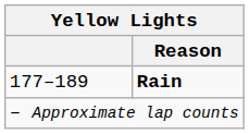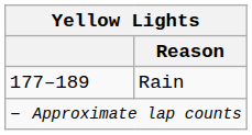 <table class="wikitable">
 <tr>
 <th colspan=2>Yellow Lights</th>
 </tr>
 <tr>
 <th></th>
 <th>Reason</th>
 </tr>
 <tr>
 <td>177–189</td>
-<td><strong>Rain</strong></td>
+<td>Rain</td>
 </tr>
 <tr>
 <td colspan=2 align=center> – <em><small>Approximate lap counts</small></em></td>
 </tr>
 </table>
